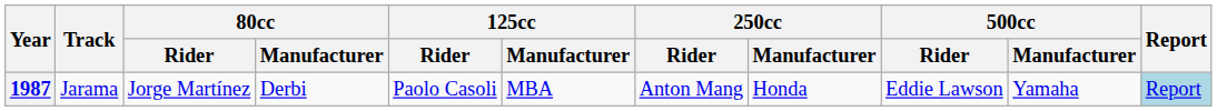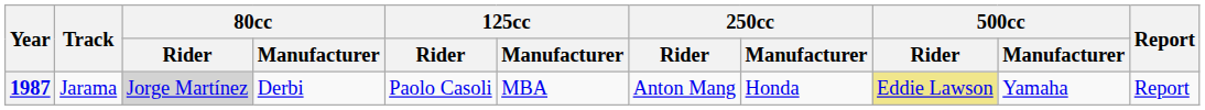 <table class="wikitable" style="font-size: 95%;">
 <tr>
 <th rowspan=2>Year</th>
 <th rowspan=2>Track</th>
 <th colspan=2>80cc</th>
 <th colspan=2>125cc</th>
 <th colspan=2>250cc</th>
 <th colspan=2>500cc</th>
 <th rowspan=2>Report</th>
 </tr>
 <tr>
 <th>Rider</th>
 <th>Manufacturer</th>
 <th>Rider</th>
 <th>Manufacturer</th>
 <th>Rider</th>
 <th>Manufacturer</th>
 <th>Rider</th>
 <th>Manufacturer</th>
 </tr>
 <tr>
 <th><a href='#'>1987</a></th>
 <td><a href='#'>Jarama</a></td>
-<td nowrap> <a href='#'>Jorge Martínez</a></td>
+<td nowrap style="background: lightgrey;"> <a href='#'>Jorge Martínez</a></td>
 <td><a href='#'>Derbi</a></td>
 <td nowrap> <a href='#'>Paolo Casoli</a></td>
 <td><a href='#'>MBA</a></td>
 <td nowrap> <a href='#'>Anton Mang</a></td>
 <td><a href='#'>Honda</a></td>
-<td nowrap> <a href='#'>Eddie Lawson</a></td>
+<td nowrap style="background: khaki;"> <a href='#'>Eddie Lawson</a></td>
 <td><a href='#'>Yamaha</a></td>
-<td style="background: lightblue;"><a href='#'>Report</a></td>
+<td><a href='#'>Report</a></td>
 </tr>
 </table>
